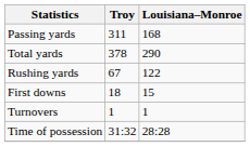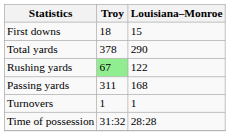 <table class="wikitable">
 <tr>
 <th>Statistics</th>
 <th>Troy</th>
 <th>Louisiana–Monroe</th>
 </tr>
 <tr>
-<td>Passing yards</td>
-<td>311</td>
-<td>168</td>
+<td>First downs</td>
+<td>18</td>
+<td>15</td>
 </tr>
 <tr>
 <td>Total yards</td>
 <td>378</td>
 <td>290</td>
 </tr>
 <tr>
 <td>Rushing yards</td>
-<td>67</td>
+<td style="background: lightgreen;">67</td>
 <td>122</td>
 </tr>
 <tr>
-<td>First downs</td>
-<td>18</td>
-<td>15</td>
+<td>Passing yards</td>
+<td>311</td>
+<td>168</td>
 </tr>
 <tr>
 <td>Turnovers</td>
 <td>1</td>
 <td>1</td>
 </tr>
 <tr>
 <td>Time of possession</td>
 <td>31:32</td>
 <td>28:28</td>
 </tr>
 <tr>
 </tr>
 </table>
